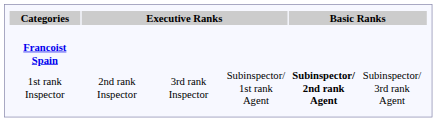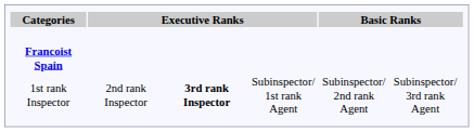 <table style="border:1px solid #8888aa; background-color:#f7f8ff; padding:5px; font-size:95%; margin:0px 12px 12px 0px;">
 <tr>
 </tr>
 <tr bgcolor="#CCCCCC">
 <th><strong>Categories</strong></th>
 <th colspan=3>Executive Ranks</th>
 <th colspan=3>Basic Ranks</th>
 </tr>
 <tr>
 </tr>
 <tr>
 <td align="center" rowspan=2><strong><br><a href='#'>Francoist Spain</a></strong></td>
 <td align="center" colspan=1></td>
 <td align="center" colspan=1></td>
 <td align="center" colspan=1></td>
 <td align="center" colspan=1></td>
 <td align="center" colspan=1></td>
 <td align="center" colspan=1></td>
 </tr>
 <tr rowspan="2">
 </tr>
 <tr align="center">
 <td align="center" colspan=1>1st rank Inspector</td>
 <td align="center" colspan=1>2nd rank Inspector</td>
-<td align="center" colspan=1>3rd rank Inspector</td>
+<td align="center" colspan=1><strong>3rd rank Inspector</strong></td>
 <td align="center" colspan=1>Subinspector/<br>1st rank Agent</td>
-<td align="center" colspan=1><strong>Subinspector/<br>2nd rank Agent</strong></td>
+<td align="center" colspan=1>Subinspector/<br>2nd rank Agent</td>
 <td align="center" colspan=1>Subinspector/<br>3rd rank Agent</td>
 </tr>
 <tr>
 <td colspan=10></td>
 </tr>
 <tr>
 </tr>
 </table>
